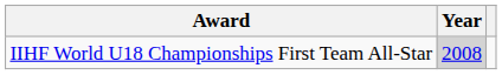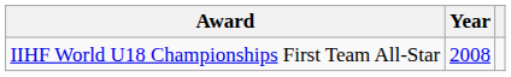 <table class="wikitable">
 <tr>
 <th>Award</th>
 <th>Year</th>
 <th></th>
 </tr>
 <tr>
 <td><a href='#'>IIHF World U18 Championships</a> First Team All-Star</td>
-<td style="background: lightgrey;"><a href='#'>2008</a></td>
+<td><a href='#'>2008</a></td>
 <td></td>
 </tr>
 </table>
